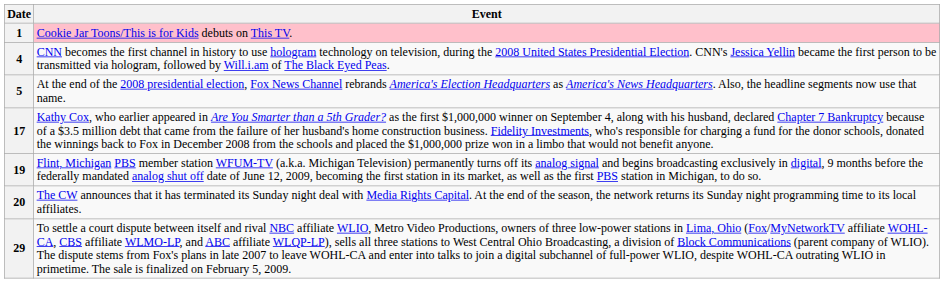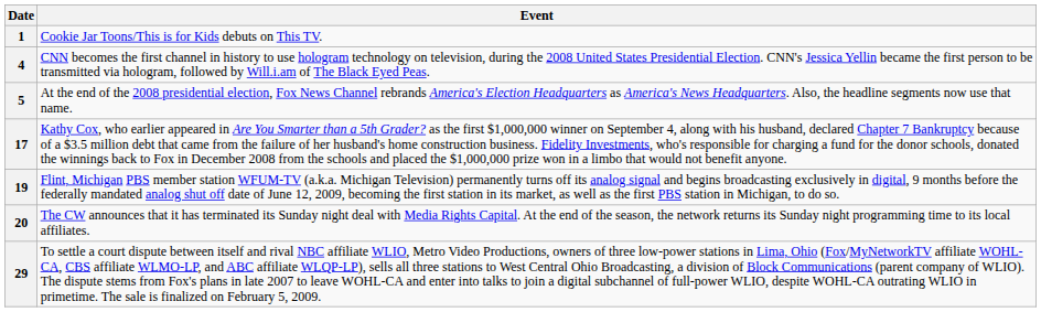 <table class="wikitable">
 <tr>
 <th>Date</th>
 <th>Event</th>
 </tr>
 <tr>
 <th>1</th>
-<td style="background: pink;"><a href='#'>Cookie Jar Toons/This is for Kids</a> debuts on <a href='#'>This TV</a>.</td>
+<td><a href='#'>Cookie Jar Toons/This is for Kids</a> debuts on <a href='#'>This TV</a>.</td>
 </tr>
 <tr>
 <th>4</th>
 <td><a href='#'>CNN</a> becomes the first channel in history to use <a href='#'>hologram</a> technology on television, during the <a href='#'>2008 United States Presidential Election</a>. CNN's <a href='#'>Jessica Yellin</a> became the first person to be transmitted via hologram, followed by <a href='#'>Will.i.am</a> of <a href='#'>The Black Eyed Peas</a>.</td>
 </tr>
 <tr>
 <th>5</th>
 <td>At the end of the <a href='#'>2008 presidential election</a>, <a href='#'>Fox News Channel</a> rebrands <em><a href='#'>America's Election Headquarters</a></em> as <em><a href='#'>America's News Headquarters</a></em>. Also, the headline segments now use that name.</td>
 </tr>
 <tr>
 <th>17</th>
 <td><a href='#'>Kathy Cox</a>, who earlier appeared in <em><a href='#'>Are You Smarter than a 5th Grader?</a></em> as the first $1,000,000 winner on September 4, along with his husband, declared <a href='#'>Chapter 7 Bankruptcy</a> because of a $3.5 million debt that came from the failure of her husband's home construction business. <a href='#'>Fidelity Investments</a>, who's responsible for charging a fund for the donor schools, donated the winnings back to Fox in December 2008 from the schools and placed the $1,000,000 prize won in a limbo that would not benefit anyone.</td>
 </tr>
 <tr>
 <th>19</th>
 <td><a href='#'>Flint, Michigan</a> <a href='#'>PBS</a> member station <a href='#'>WFUM-TV</a> (a.k.a. Michigan Television) permanently turns off its <a href='#'>analog signal</a> and begins broadcasting exclusively in <a href='#'>digital</a>, 9 months before the federally mandated <a href='#'>analog shut off</a> date of June 12, 2009, becoming the first station in its market, as well as the first <a href='#'>PBS</a> station in Michigan, to do so.</td>
 </tr>
 <tr>
 <th>20</th>
 <td><a href='#'>The CW</a> announces that it has terminated its Sunday night deal with <a href='#'>Media Rights Capital</a>. At the end of the season, the network returns its Sunday night programming time to its local affiliates.</td>
 </tr>
 <tr>
 <th>29</th>
 <td>To settle a court dispute between itself and rival <a href='#'>NBC</a> affiliate <a href='#'>WLIO</a>, Metro Video Productions, owners of three low-power stations in <a href='#'>Lima, Ohio</a> (<a href='#'>Fox</a>/<a href='#'>MyNetworkTV</a> affiliate <a href='#'>WOHL-CA</a>, <a href='#'>CBS</a> affiliate <a href='#'>WLMO-LP</a>, and <a href='#'>ABC</a> affiliate <a href='#'>WLQP-LP</a>), sells all three stations to West Central Ohio Broadcasting, a division of <a href='#'>Block Communications</a> (parent company of WLIO). The dispute stems from Fox's plans in late 2007 to leave WOHL-CA and enter into talks to join a digital subchannel of full-power WLIO, despite WOHL-CA outrating WLIO in primetime. The sale is finalized on February 5, 2009.</td>
 </tr>
 </table>
